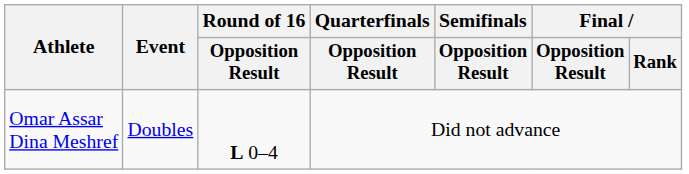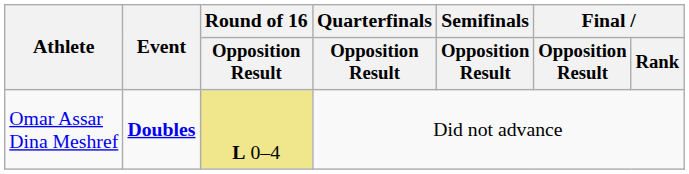 <table class="wikitable" style="font-size:90%;">
 <tr>
 <th rowspan=2>Athlete</th>
 <th rowspan=2>Event</th>
 <th>Round of 16</th>
 <th>Quarterfinals</th>
 <th>Semifinals</th>
 <th colspan=2>Final / </th>
 </tr>
 <tr style="font-size:95%">
 <th>Opposition<br>Result</th>
 <th>Opposition<br>Result</th>
 <th>Opposition<br>Result</th>
 <th>Opposition<br>Result</th>
 <th>Rank</th>
 </tr>
 <tr align=center>
 <td align=left><a href='#'>Omar Assar</a><br><a href='#'>Dina Meshref</a></td>
-<td align=left><a href='#'>Doubles</a></td>
-<td><br><br> <strong>L</strong> 0–4</td>
+<td align=left><strong><a href='#'>Doubles</a></strong></td>
+<td style="background: khaki;"><br><br> <strong>L</strong> 0–4</td>
 <td colspan=4>Did not advance</td>
 </tr>
 </table>
